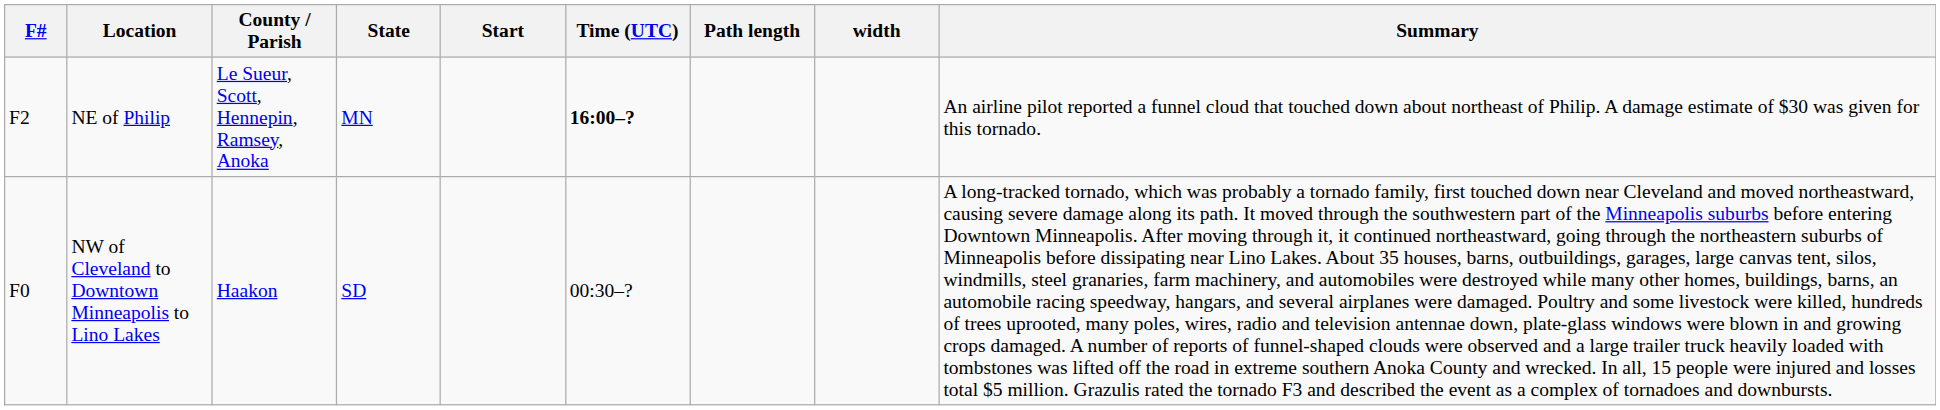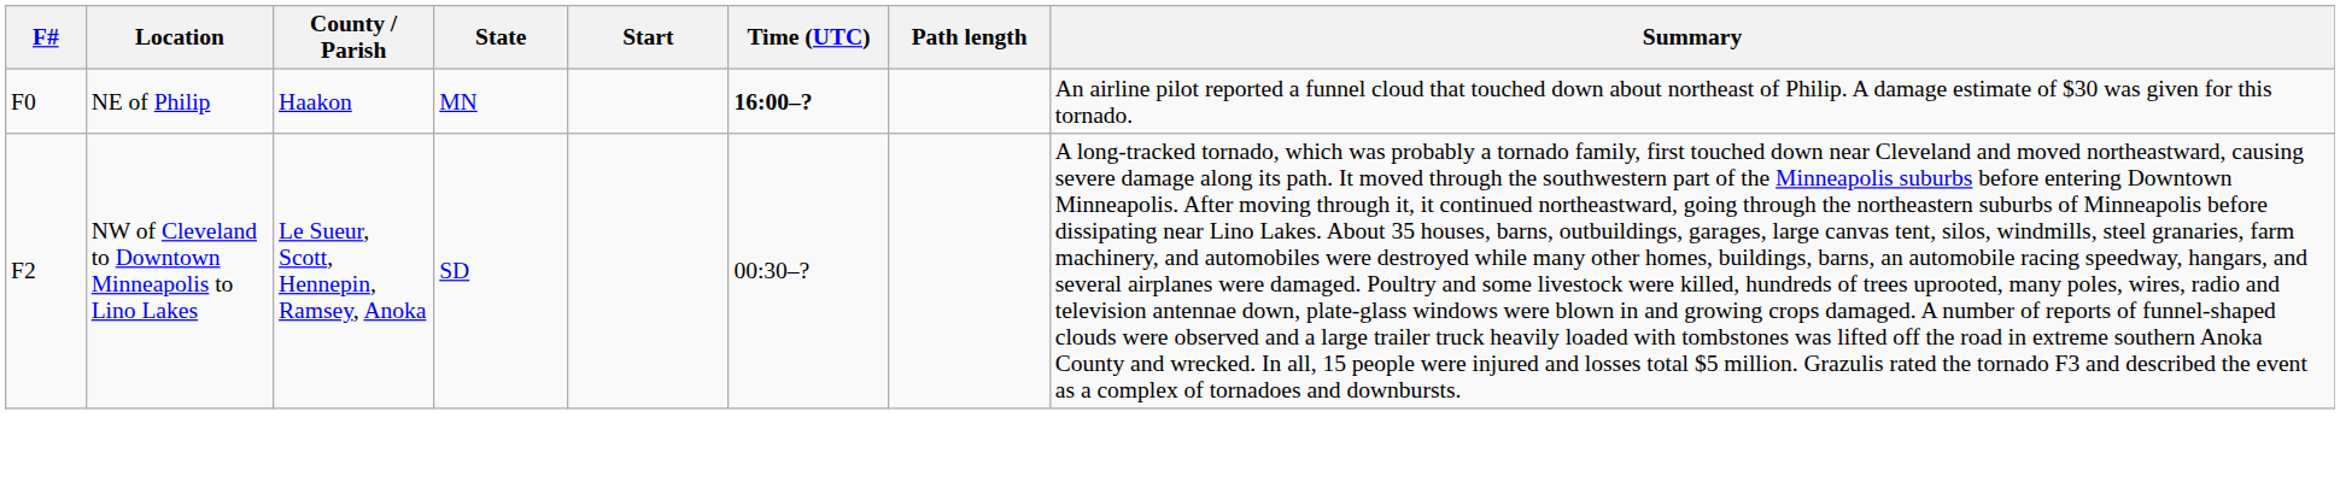 <table class="wikitable sortable" style="width:100%;">
 <tr>
 <th scope="col"  style="width:3%; text-align:center;"><a href='#'>F#</a></th>
 <th scope="col"  style="width:7%; text-align:center;" class="unsortable">Location</th>
 <th scope="col"  style="width:6%; text-align:center;" class="unsortable">County / Parish</th>
 <th scope="col"  style="width:5%; text-align:center;">State</th>
 <th scope="col"  style="width:6%; text-align:center;">Start<br></th>
 <th scope="col"  style="width:6%; text-align:center;">Time (<a href='#'>UTC</a>)</th>
 <th scope="col"  style="width:6%; text-align:center;">Path length</th>
-<th scope="col"  style="width:6%; text-align:center;"> width</th>
 <th scope="col" class="unsortable" style="width:48%; text-align:center;">Summary</th>
 </tr>
 <tr>
-<td>F2</td>
+<td>F0</td>
 <td>NE of <a href='#'>Philip</a></td>
-<td><a href='#'>Le Sueur</a>, <a href='#'>Scott</a>, <a href='#'>Hennepin</a>, <a href='#'>Ramsey</a>, <a href='#'>Anoka</a></td>
+<td><a href='#'>Haakon</a></td>
 <td><a href='#'>MN</a></td>
 <td></td>
 <td><strong>16:00–?</strong></td>
 <td></td>
-<td></td>
 <td>An airline pilot reported a funnel cloud that touched down about  northeast of Philip. A damage estimate of $30 was given for this tornado.</td>
 </tr>
 <tr>
-<td>F0</td>
+<td>F2</td>
 <td>NW of <a href='#'>Cleveland</a> to <a href='#'>Downtown Minneapolis</a> to <a href='#'>Lino Lakes</a></td>
-<td><a href='#'>Haakon</a></td>
+<td><a href='#'>Le Sueur</a>, <a href='#'>Scott</a>, <a href='#'>Hennepin</a>, <a href='#'>Ramsey</a>, <a href='#'>Anoka</a></td>
 <td><a href='#'>SD</a></td>
 <td></td>
 <td>00:30–?</td>
 <td></td>
-<td></td>
 <td>A long-tracked tornado, which was probably a tornado family, first touched down near Cleveland and moved northeastward, causing severe damage along its path. It moved through the southwestern part of the <a href='#'>Minneapolis suburbs</a> before entering Downtown Minneapolis. After moving through it, it continued northeastward, going through the northeastern suburbs of Minneapolis before dissipating near Lino Lakes. About 35 houses, barns, outbuildings, garages, large canvas tent, silos, windmills, steel granaries, farm machinery, and automobiles were destroyed while many other homes, buildings, barns, an automobile racing speedway, hangars, and several airplanes were damaged. Poultry and some livestock were killed, hundreds of trees uprooted, many poles, wires, radio and television antennae down, plate-glass windows were blown in and growing crops damaged. A number of reports of funnel-shaped clouds were observed and a large trailer truck heavily loaded with tombstones was lifted off the road in extreme southern Anoka County and wrecked. In all, 15 people were injured and losses total $5 million. Grazulis rated the tornado F3 and described the event as a complex of tornadoes and downbursts.</td>
 </tr>
 </table>
